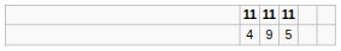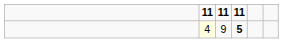 <table class="wikitable">
 <tr>
 <td style="width:18em"></td>
 <td align=center style="width:1em"><strong>11</strong></td>
 <td align=center style="width:1em"><strong>11</strong></td>
 <td align=center style="width:1em"><strong>11</strong></td>
 <td align=center style="width:1em"></td>
 <td align=center style="width:1em"></td>
 </tr>
 <tr>
 <td style="width:18em"></td>
-<td align=center style="width:1em">4</td>
+<td align=center style="background: lightyellow; width:1em">4</td>
 <td align=center style="width:1em">9</td>
-<td align=center style="width:1em">5</td>
+<td align=center style="width:1em"><strong>5</strong></td>
 <td align=center style="width:1em"></td>
 <td align=center style="width:1em"></td>
 </tr>
 </table>
